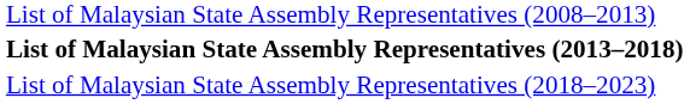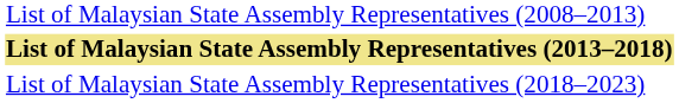 <table id=toc style="float:right">
 <tr>
 <td><a href='#'>List of Malaysian State Assembly Representatives (2008–2013)</a></td>
 </tr>
 <tr>
-<td><strong>List of Malaysian State Assembly Representatives (2013–2018)</strong></td>
+<td style="background: khaki;"><strong>List of Malaysian State Assembly Representatives (2013–2018)</strong></td>
 </tr>
 <tr>
 <td><a href='#'>List of Malaysian State Assembly Representatives (2018–2023)</a></td>
 </tr>
 </table>
